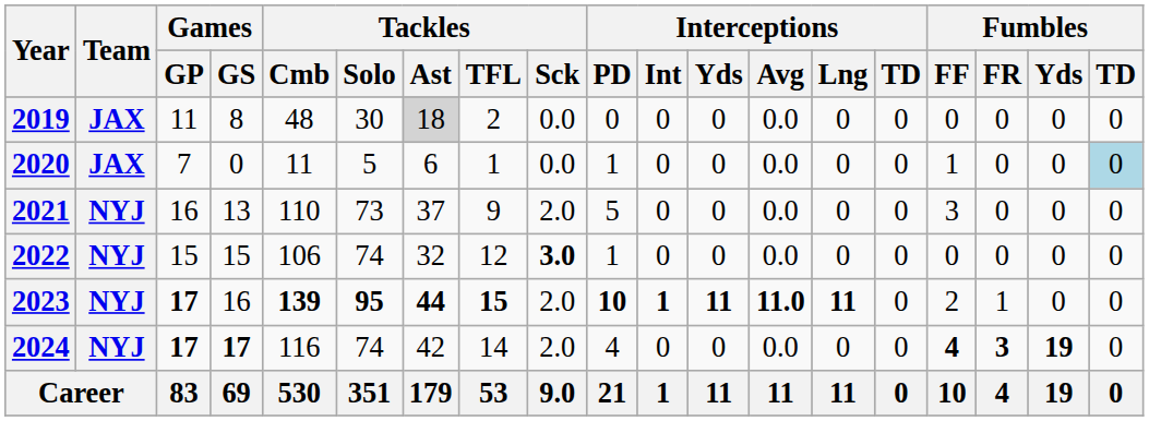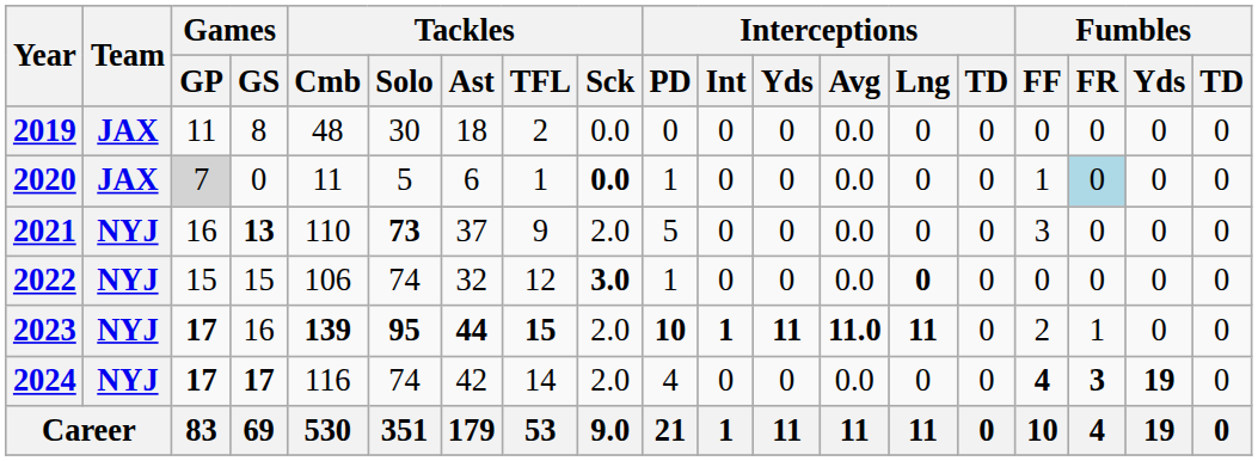 <table class="wikitable" style="text-align:center;">
 <tr>
 <th rowspan="2">Year</th>
 <th rowspan="2">Team</th>
 <th colspan="2">Games</th>
 <th colspan="5">Tackles</th>
 <th colspan="6">Interceptions</th>
 <th colspan="4">Fumbles</th>
 </tr>
 <tr>
 <th>GP</th>
 <th>GS</th>
 <th>Cmb</th>
 <th>Solo</th>
 <th>Ast</th>
 <th>TFL</th>
 <th>Sck</th>
 <th>PD</th>
 <th>Int</th>
 <th>Yds</th>
 <th>Avg</th>
 <th>Lng</th>
 <th>TD</th>
 <th>FF</th>
 <th>FR</th>
 <th>Yds</th>
 <th>TD</th>
 </tr>
 <tr>
 <th><a href='#'>2019</a></th>
 <th><a href='#'>JAX</a></th>
 <td>11</td>
 <td>8</td>
 <td>48</td>
 <td>30</td>
-<td style="background: lightgrey;">18</td>
+<td>18</td>
 <td>2</td>
 <td>0.0</td>
 <td>0</td>
 <td>0</td>
 <td>0</td>
 <td>0.0</td>
 <td>0</td>
 <td>0</td>
 <td>0</td>
 <td>0</td>
 <td>0</td>
 <td>0</td>
 </tr>
 <tr>
 <th><a href='#'>2020</a></th>
 <th><a href='#'>JAX</a></th>
-<td>7</td>
+<td style="background: lightgrey;">7</td>
 <td>0</td>
 <td>11</td>
 <td>5</td>
 <td>6</td>
 <td>1</td>
-<td>0.0</td>
+<td><strong>0.0</strong></td>
 <td>1</td>
 <td>0</td>
 <td>0</td>
 <td>0.0</td>
 <td>0</td>
 <td>0</td>
 <td>1</td>
+<td style="background: lightblue;">0</td>
 <td>0</td>
 <td>0</td>
-<td style="background: lightblue;">0</td>
 </tr>
 <tr>
 <th><a href='#'>2021</a></th>
 <th><a href='#'>NYJ</a></th>
 <td>16</td>
-<td>13</td>
+<td><strong>13</strong></td>
 <td>110</td>
-<td>73</td>
+<td><strong>73</strong></td>
 <td>37</td>
 <td>9</td>
 <td>2.0</td>
 <td>5</td>
 <td>0</td>
 <td>0</td>
 <td>0.0</td>
 <td>0</td>
 <td>0</td>
 <td>3</td>
 <td>0</td>
 <td>0</td>
 <td>0</td>
 </tr>
 <tr>
 <th><a href='#'>2022</a></th>
 <th><a href='#'>NYJ</a></th>
 <td>15</td>
 <td>15</td>
 <td>106</td>
 <td>74</td>
 <td>32</td>
 <td>12</td>
 <td><strong>3.0</strong></td>
 <td>1</td>
 <td>0</td>
 <td>0</td>
 <td>0.0</td>
-<td>0</td>
+<td><strong>0</strong></td>
 <td>0</td>
 <td>0</td>
 <td>0</td>
 <td>0</td>
 <td>0</td>
 </tr>
 <tr>
 <th><a href='#'>2023</a></th>
 <th><a href='#'>NYJ</a></th>
 <td><strong>17</strong></td>
 <td>16</td>
 <td><strong>139</strong></td>
 <td><strong>95</strong></td>
 <td><strong>44</strong></td>
 <td><strong>15</strong></td>
 <td>2.0</td>
 <td><strong>10</strong></td>
 <td><strong>1</strong></td>
 <td><strong>11</strong></td>
 <td><strong>11.0</strong></td>
 <td><strong>11</strong></td>
 <td>0</td>
 <td>2</td>
 <td>1</td>
 <td>0</td>
 <td>0</td>
 </tr>
 <tr>
 <th><a href='#'>2024</a></th>
 <th><a href='#'>NYJ</a></th>
 <td><strong>17</strong></td>
 <td><strong>17</strong></td>
 <td>116</td>
 <td>74</td>
 <td>42</td>
 <td>14</td>
 <td>2.0</td>
 <td>4</td>
 <td>0</td>
 <td>0</td>
 <td>0.0</td>
 <td>0</td>
 <td>0</td>
 <td><strong>4</strong></td>
 <td><strong>3</strong></td>
 <td><strong>19</strong></td>
 <td>0</td>
 </tr>
 <tr>
 <th colspan="2">Career</th>
 <th>83</th>
 <th>69</th>
 <th>530</th>
 <th>351</th>
 <th>179</th>
 <th>53</th>
 <th>9.0</th>
 <th>21</th>
 <th>1</th>
 <th>11</th>
 <th>11</th>
 <th>11</th>
 <th>0</th>
 <th>10</th>
 <th>4</th>
 <th>19</th>
 <th>0</th>
 </tr>
 </table>
